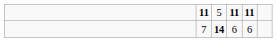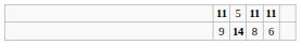 <table class="wikitable">
 <tr>
 <td style="width:18em"></td>
 <td align=center style="width:1em"><strong>11</strong></td>
 <td align=center style="width:1em">5</td>
 <td align=center style="width:1em"><strong>11</strong></td>
 <td align=center style="width:1em"><strong>11</strong></td>
 <td align=center style="width:1em"></td>
 </tr>
 <tr>
 <td style="width:18em"></td>
-<td align=center style="width:1em">7</td>
+<td align=center style="width:1em">9</td>
 <td align=center style="width:1em"><strong>14</strong></td>
-<td align=center style="width:1em">6</td>
+<td align=center style="width:1em">8</td>
 <td align=center style="width:1em">6</td>
 <td align=center style="width:1em"></td>
 </tr>
 </table>
